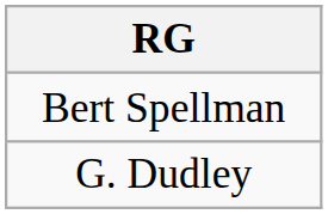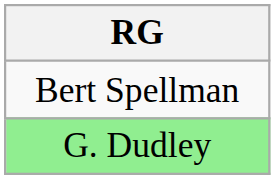 <table class="wikitable" width="120px">
 <tr>
 <th>RG</th>
 </tr>
 <tr>
 <td align="center">Bert Spellman</td>
 </tr>
 <tr>
-<td align="center">G. Dudley</td>
+<td align="center" style="background: lightgreen;">G. Dudley</td>
 </tr>
 </table>
